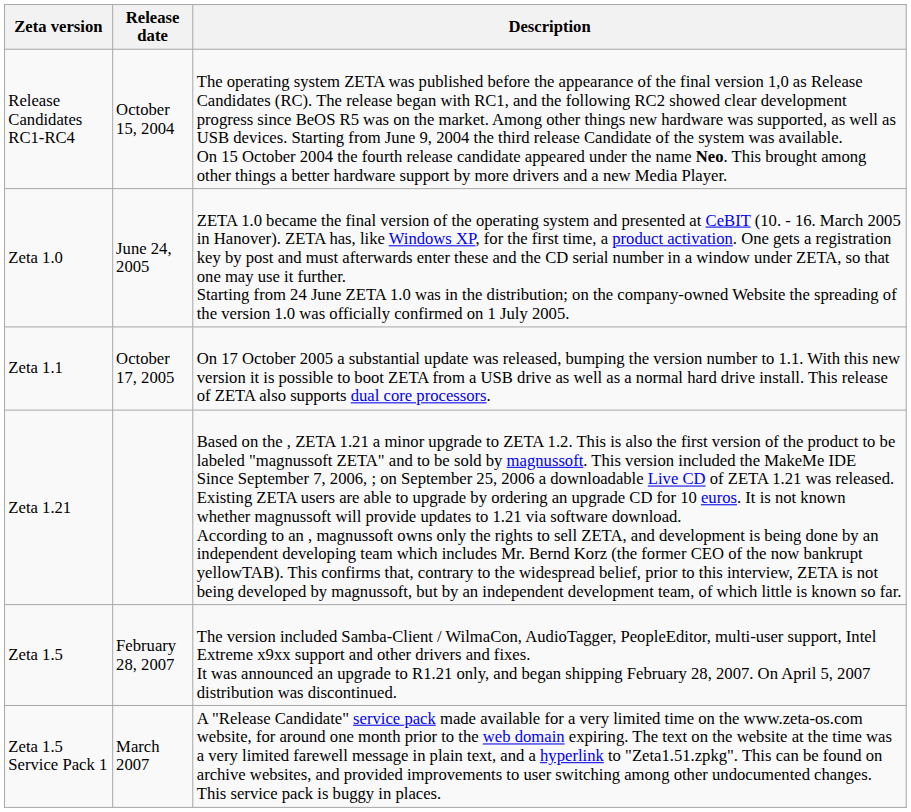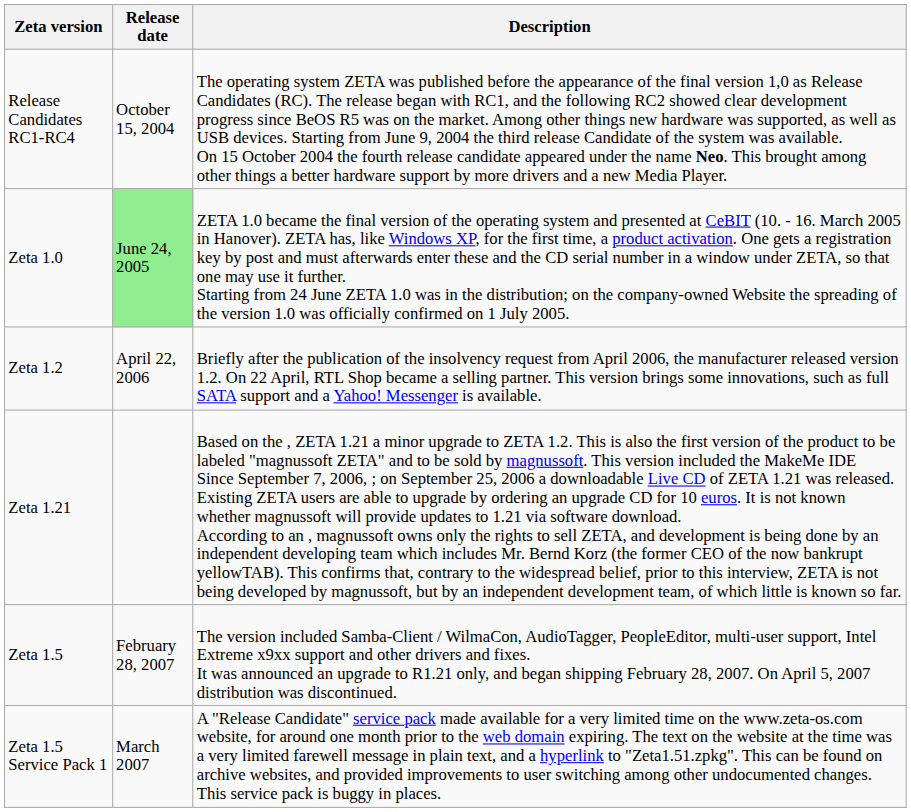 <table class="wikitable">
 <tr>
 <th>Zeta version</th>
 <th>Release date</th>
 <th>Description</th>
 </tr>
 <tr>
 <td>Release Candidates RC1-RC4</td>
 <td>October 15, 2004</td>
 <td><br>The operating system ZETA was published before the appearance of the final version 1,0 as Release Candidates (RC). The release began with RC1, and the following RC2 showed clear development progress since BeOS R5 was on the market. Among other things new hardware was supported, as well as USB devices. Starting from June 9, 2004 the third release Candidate of the system was available.<br>On 15 October 2004 the fourth release candidate appeared under the name <strong>Neo</strong>. This brought among other things a better hardware support by more drivers and a new Media Player.</td>
 </tr>
 <tr>
 <td>Zeta 1.0</td>
-<td>June 24, 2005</td>
+<td style="background: lightgreen;">June 24, 2005</td>
 <td><br>ZETA 1.0 became the final version of the operating system and presented at <a href='#'>CeBIT</a> (10. - 16. March 2005 in Hanover). ZETA has, like <a href='#'>Windows XP</a>, for the first time, a <a href='#'>product activation</a>. One gets a registration key by post and must afterwards enter these and the CD serial number in a window under ZETA, so that one may use it further.<br>Starting from 24 June ZETA 1.0 was in the distribution; on the company-owned Website the spreading of the version 1.0 was officially confirmed on 1 July 2005.</td>
 </tr>
 <tr>
-<td>Zeta 1.1</td>
-<td>October 17, 2005</td>
-<td><br>On 17 October 2005 a substantial update was released, bumping the version number to 1.1. With this new version it is possible to boot ZETA from a USB drive as well as a normal hard drive install. This release of ZETA also supports <a href='#'>dual core processors</a>.</td>
+<td>Zeta 1.2</td>
+<td>April 22, 2006</td>
+<td><br>Briefly after the publication of the insolvency request from April 2006, the manufacturer released version 1.2. On 22 April, RTL Shop became a selling partner. This version brings some innovations, such as full <a href='#'>SATA</a> support and a <a href='#'>Yahoo! Messenger</a> is available.</td>
 </tr>
 <tr>
 <td>Zeta 1.21</td>
 <td></td>
 <td><br>Based on the , ZETA 1.21 a minor upgrade to ZETA 1.2. This is also the first version of the product to be labeled "magnussoft ZETA" and to be sold by <a href='#'>magnussoft</a>. This version included the MakeMe IDE<br>Since September 7, 2006, ; on September 25, 2006 a downloadable <a href='#'>Live CD</a> of ZETA 1.21 was released. Existing ZETA users are able to upgrade by ordering an upgrade CD for 10 <a href='#'>euros</a>. It is not known whether magnussoft will provide updates to 1.21 via software download.<br>According to an , magnussoft owns only the rights to sell ZETA, and development is being done by an independent developing team which includes Mr. Bernd Korz (the former CEO of the now bankrupt yellowTAB). This confirms that, contrary to the widespread belief, prior to this interview, ZETA is not being developed by magnussoft, but by an independent development team, of which little is known so far.</td>
 </tr>
 <tr>
 <td>Zeta 1.5</td>
 <td>February 28, 2007</td>
 <td><br>The version included Samba-Client / WilmaCon, AudioTagger, PeopleEditor, multi-user support, Intel Extreme x9xx support and other drivers and fixes.<br>It was announced  an upgrade to R1.21 only, and began shipping February 28, 2007. On April 5, 2007 distribution was discontinued.</td>
 </tr>
 <tr>
 <td>Zeta 1.5 Service Pack 1</td>
 <td>March 2007</td>
 <td>A "Release Candidate" <a href='#'>service pack</a> made available for a very limited time on the www.zeta-os.com website, for around one month prior to the <a href='#'>web domain</a> expiring. The text on the website at the time was a very limited farewell message in plain text, and a <a href='#'>hyperlink</a> to "Zeta1.51.zpkg". This can be found on archive websites, and provided improvements to user switching among other undocumented changes. This service pack is buggy in places.</td>
 </tr>
 </table>
